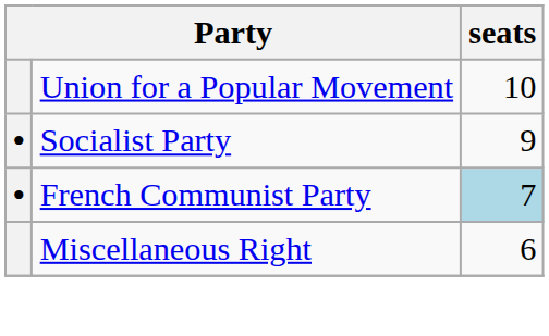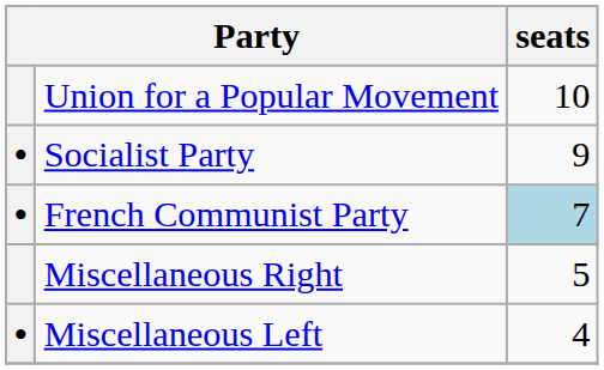 <table class="wikitable" style="font-size: 95%;">
 <tr>
 <th colspan=2>Party</th>
 <th>seats</th>
 </tr>
 <tr>
 <th style="background-color: "></th>
 <td><a href='#'>Union for a Popular Movement</a></td>
 <td align="right">10</td>
 </tr>
 <tr>
 <th style="background-color: "><span>•</span></th>
 <td><a href='#'>Socialist Party</a></td>
 <td align="right">9</td>
 </tr>
 <tr>
 <th style="background-color: "><span>•</span></th>
 <td><a href='#'>French Communist Party</a></td>
 <td align="right" style="background: lightblue;">7</td>
 </tr>
 <tr>
 <th style="background-color: "></th>
 <td><a href='#'>Miscellaneous Right</a></td>
-<td align="right">6</td>
+<td align="right">5</td>
+</tr>
+<tr>
+<th style="background-color: "><span>•</span></th>
+<td><a href='#'>Miscellaneous Left</a></td>
+<td align="right">4</td>
 </tr>
 <tr>
 </tr>
 </table>
